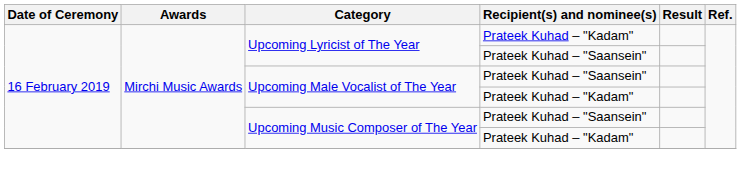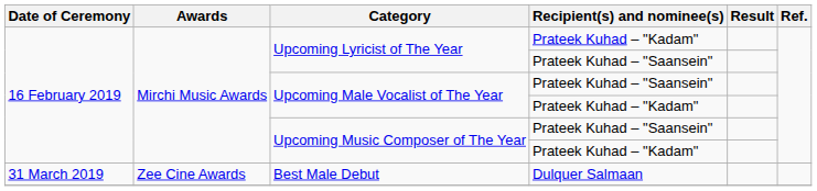 <table class="wikitable sortable">
 <tr>
 <th>Date of Ceremony</th>
 <th>Awards</th>
 <th>Category</th>
 <th>Recipient(s) and nominee(s)</th>
 <th>Result</th>
 <th>Ref.</th>
 </tr>
 <tr>
 <td rowspan=6><a href='#'>16 February 2019</a></td>
 <td rowspan=6><a href='#'>Mirchi Music Awards</a></td>
 <td rowspan=2><a href='#'>Upcoming Lyricist of The Year</a></td>
 <td><a href='#'>Prateek Kuhad</a> – "Kadam"</td>
 <td></td>
 <td rowspan=6></td>
 </tr>
 <tr>
 <td>Prateek Kuhad – "Saansein"</td>
 <td></td>
 </tr>
 <tr>
 <td rowspan=2><a href='#'>Upcoming Male Vocalist of The Year</a></td>
 <td>Prateek Kuhad – "Saansein"</td>
 <td></td>
 </tr>
 <tr>
 <td>Prateek Kuhad – "Kadam"</td>
 <td></td>
 </tr>
 <tr>
 <td rowspan=2><a href='#'>Upcoming Music Composer of The Year</a></td>
 <td>Prateek Kuhad – "Saansein"</td>
 <td></td>
 </tr>
 <tr>
 <td>Prateek Kuhad – "Kadam"</td>
 <td></td>
 </tr>
 <tr>
+<td><a href='#'>31 March 2019</a></td>
+<td><a href='#'>Zee Cine Awards</a></td>
+<td><a href='#'>Best Male Debut</a></td>
+<td><a href='#'>Dulquer Salmaan</a></td>
+<td></td>
+<td></td>
+</tr>
+<tr>
 </tr>
 </table>
